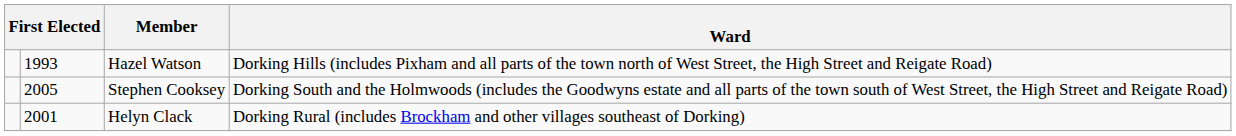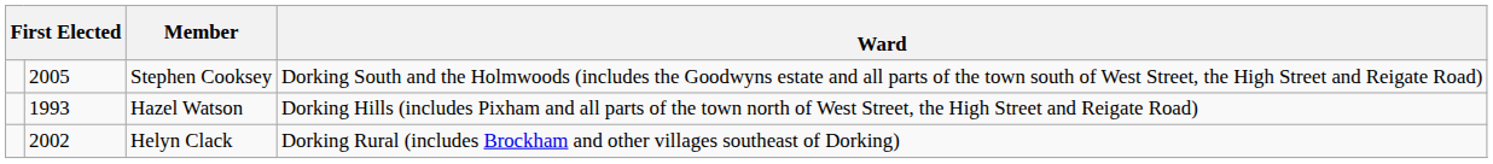 <table class="wikitable">
 <tr>
 <th colspan="2">First Elected</th>
 <th>Member</th>
 <th><br>Ward</th>
+</tr>
+<tr>
+<td style="background-color: "></td>
+<td>2005</td>
+<td>Stephen Cooksey</td>
+<td>Dorking South and the Holmwoods (includes the Goodwyns estate and all parts of the town south of West Street, the High Street and Reigate Road)</td>
 </tr>
 <tr>
 <td style="background-color: "></td>
 <td>1993</td>
 <td>Hazel Watson</td>
 <td>Dorking Hills (includes Pixham and all parts of the town north of West Street, the High Street and Reigate Road)</td>
 </tr>
 <tr>
 <td style="background-color: "></td>
-<td>2005</td>
-<td>Stephen Cooksey</td>
-<td>Dorking South and the Holmwoods (includes the Goodwyns estate and all parts of the town south of West Street, the High Street and Reigate Road)</td>
-</tr>
-<tr>
-<td style="background-color: "></td>
-<td>2001</td>
+<td>2002</td>
 <td>Helyn Clack</td>
 <td>Dorking Rural (includes <a href='#'>Brockham</a> and other villages southeast of Dorking)</td>
 </tr>
 <tr>
 </tr>
 </table>
